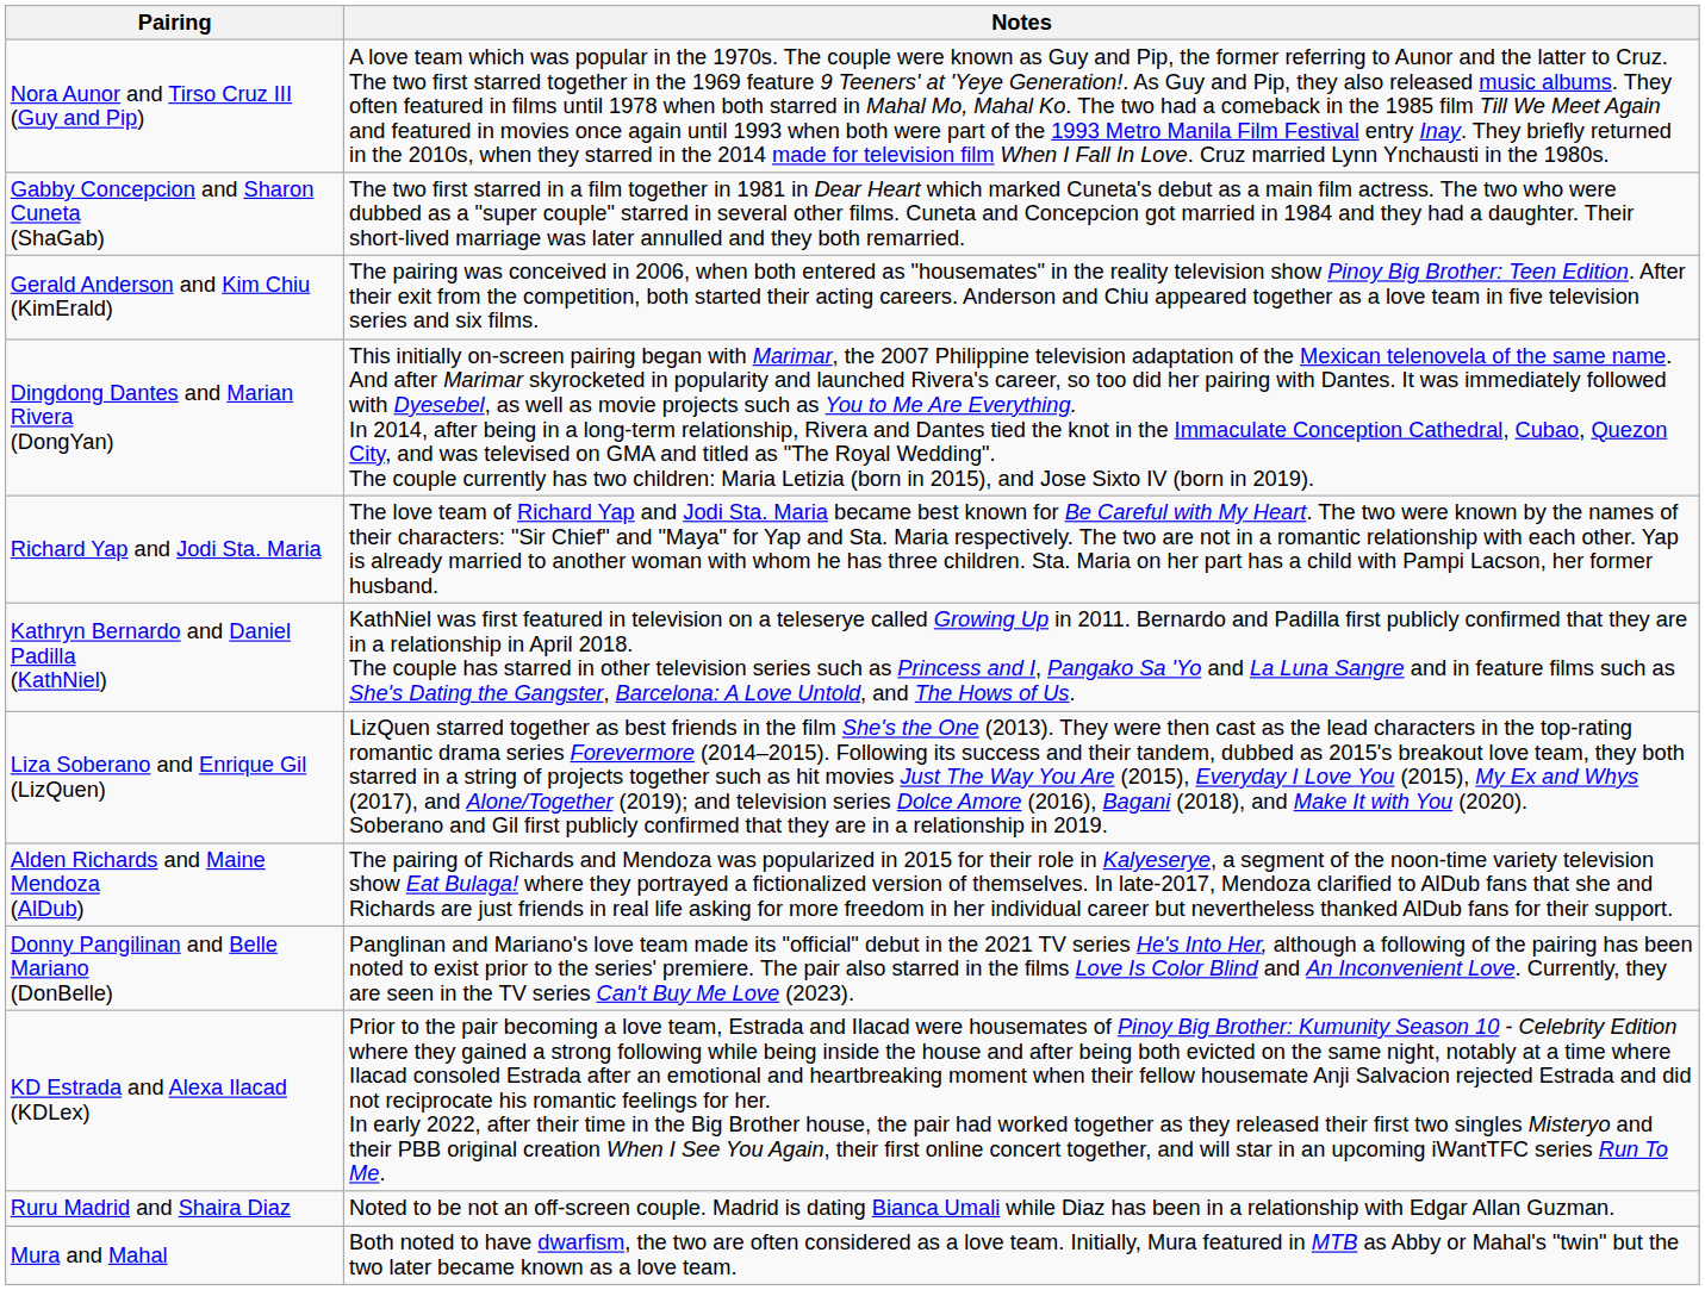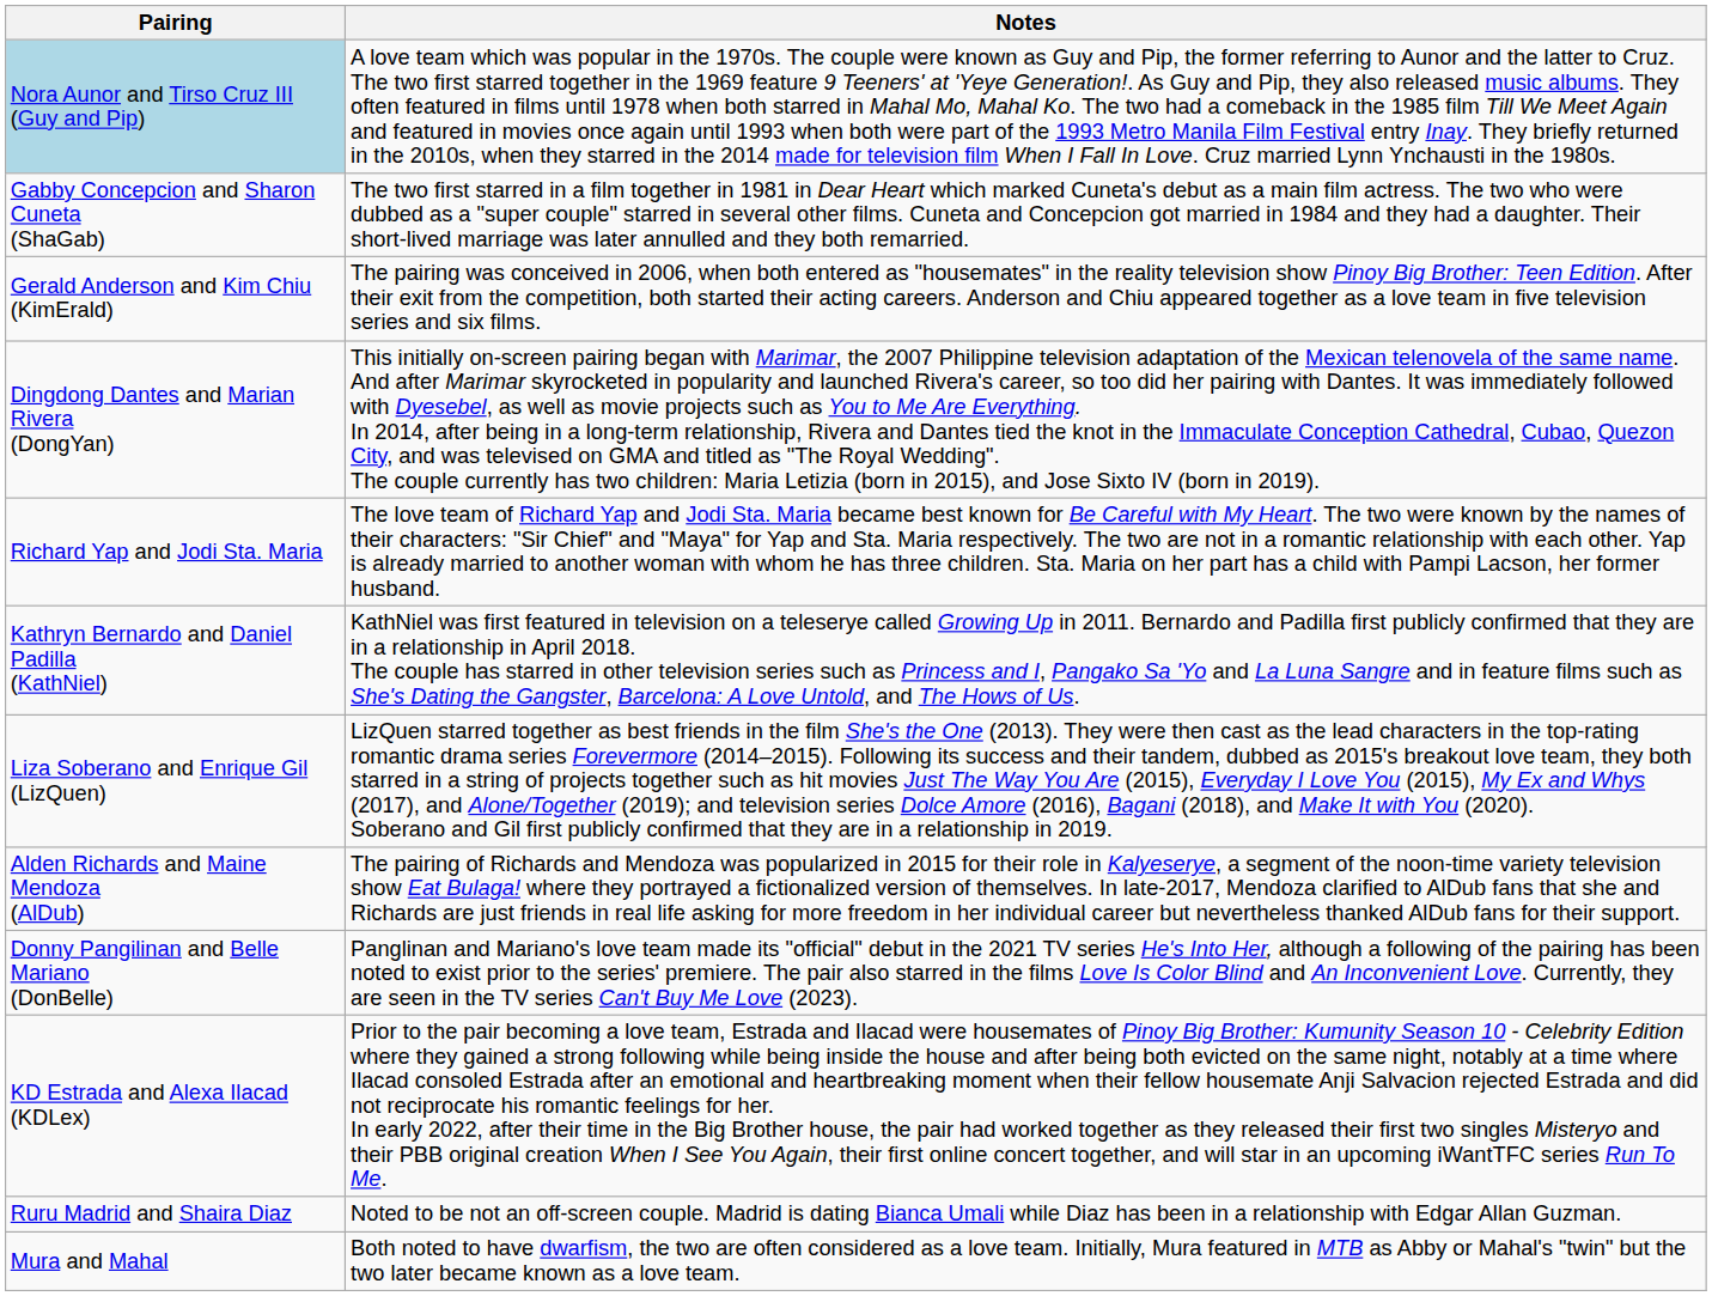 <table class="wikitable" font-size:95%;">
 <tr>
 <th width=20%>Pairing</th>
 <th width=80%>Notes</th>
 </tr>
 <tr>
-<td><a href='#'>Nora Aunor</a> and <a href='#'>Tirso Cruz III</a> (<a href='#'>Guy and Pip</a>)</td>
+<td style="background: lightblue;"><a href='#'>Nora Aunor</a> and <a href='#'>Tirso Cruz III</a> (<a href='#'>Guy and Pip</a>)</td>
 <td> A love team which was popular in the 1970s. The couple were known as Guy and Pip, the former referring to Aunor and the latter to Cruz. The two first starred together in the 1969 feature <em>9 Teeners' at 'Yeye Generation!</em>. As Guy and Pip, they also released <a href='#'>music albums</a>. They often featured in films until 1978 when both starred in <em>Mahal Mo, Mahal Ko</em>. The two had a comeback in the 1985 film <em>Till We Meet Again</em> and featured in movies once again until 1993 when both were part of the <a href='#'>1993 Metro Manila Film Festival</a> entry <em><a href='#'>Inay</a></em>. They briefly returned in the 2010s, when they starred in the 2014 <a href='#'>made for television film</a> <em>When I Fall In Love</em>. Cruz married Lynn Ynchausti in the 1980s.</td>
 </tr>
 <tr>
 <td><a href='#'>Gabby Concepcion</a> and <a href='#'>Sharon Cuneta</a><br>(ShaGab)</td>
 <td>The two first starred in a film together in 1981 in <em>Dear Heart</em> which marked Cuneta's debut as a main film actress. The two who were dubbed as a "super couple" starred in several other films. Cuneta and Concepcion got married in 1984 and they had a daughter. Their short-lived marriage was later annulled and they both remarried.</td>
 </tr>
 <tr>
 <td><a href='#'>Gerald Anderson</a> and <a href='#'>Kim Chiu</a><br>(KimErald)</td>
 <td>The pairing was conceived in 2006, when both entered as "housemates" in the reality television show <em><a href='#'>Pinoy Big Brother: Teen Edition</a></em>. After their exit from the competition, both started their acting careers. Anderson and Chiu appeared together as a love team in five television series and six films.</td>
 </tr>
 <tr>
 <td><a href='#'>Dingdong Dantes</a> and <a href='#'>Marian Rivera</a><br>(DongYan)</td>
 <td>This initially on-screen pairing began with <em><a href='#'>Marimar</a></em>, the 2007 Philippine television adaptation of the <a href='#'>Mexican telenovela of the same name</a>. And after <em>Marimar</em> skyrocketed in popularity and launched Rivera's career, so too did her pairing with Dantes. It was immediately followed with <em><a href='#'>Dyesebel</a></em>, as well as movie projects such as <em><a href='#'>You to Me Are Everything</a>.</em><br>In 2014, after being in a long-term relationship, Rivera and Dantes tied the knot in the <a href='#'>Immaculate Conception Cathedral</a>, <a href='#'>Cubao</a>, <a href='#'>Quezon City</a>, and was televised on GMA and titled as "The Royal Wedding".<br>The couple currently has two children: Maria Letizia (born in 2015), and Jose Sixto IV (born in 2019).</td>
 </tr>
 <tr>
 <td><a href='#'>Richard Yap</a> and <a href='#'>Jodi Sta. Maria</a></td>
 <td>The love team of <a href='#'>Richard Yap</a> and <a href='#'>Jodi Sta. Maria</a> became best known for <em><a href='#'>Be Careful with My Heart</a></em>. The two were known by the names of their characters: "Sir Chief" and "Maya" for Yap and Sta. Maria respectively. The two are not in a romantic relationship with each other. Yap is already married to another woman with whom he has three children. Sta. Maria on her part has a child with Pampi Lacson, her former husband.</td>
 </tr>
 <tr>
 <td><a href='#'>Kathryn Bernardo</a> and <a href='#'>Daniel Padilla</a><br>(<a href='#'>KathNiel</a>)</td>
 <td> KathNiel was first featured in television on a teleserye called <em><a href='#'>Growing Up</a></em> in 2011. Bernardo and Padilla first publicly confirmed that they are in a relationship in April 2018.<br>The couple has starred in other television series such as <em><a href='#'>Princess and I</a></em>, <em><a href='#'>Pangako Sa 'Yo</a></em> and <em><a href='#'>La Luna Sangre</a></em> and in feature films such as <em><a href='#'>She's Dating the Gangster</a></em>, <em><a href='#'>Barcelona: A Love Untold</a></em>, and <em><a href='#'>The Hows of Us</a></em>.</td>
 </tr>
 <tr>
 <td><a href='#'>Liza Soberano</a> and <a href='#'>Enrique Gil</a><br>(LizQuen)</td>
 <td>LizQuen starred together as best friends in the film <em><a href='#'>She's the One</a></em> (2013). They were then cast as the lead characters in the top-rating romantic drama series <em><a href='#'>Forevermore</a></em> (2014–2015). Following its success and their tandem, dubbed as 2015's breakout love team, they both starred in a string of projects together such as hit movies <em><a href='#'>Just The Way You Are</a></em> (2015), <em><a href='#'>Everyday I Love You</a></em> (2015), <em><a href='#'>My Ex and Whys</a></em> (2017), and <em><a href='#'>Alone/Together</a></em> (2019); and television series <em><a href='#'>Dolce Amore</a></em> (2016), <em><a href='#'>Bagani</a></em> (2018), and <em><a href='#'>Make It with You</a></em> (2020).<br>Soberano and Gil first publicly confirmed that they are in a relationship in 2019.</td>
 </tr>
 <tr>
 <td><a href='#'>Alden Richards</a> and <a href='#'>Maine Mendoza</a><br>(<a href='#'>AlDub</a>)</td>
 <td> The pairing of Richards and Mendoza was popularized in 2015 for their role in <em><a href='#'>Kalyeserye</a></em>, a segment of the noon-time variety television show <em><a href='#'>Eat Bulaga!</a></em> where they portrayed a fictionalized version of themselves. In late-2017, Mendoza clarified to AlDub fans that she and Richards are just friends in real life asking for more freedom in her individual career but nevertheless thanked AlDub fans for their support.</td>
 </tr>
 <tr>
 <td><a href='#'>Donny Pangilinan</a> and <a href='#'>Belle Mariano</a> <br>(DonBelle)</td>
 <td>Panglinan and Mariano's love team made its "official" debut in the 2021 TV series <em><a href='#'>He's Into Her</a>,</em> although a following of the pairing has been noted to exist prior to the series' premiere. The pair also starred in the films <em><a href='#'>Love Is Color Blind</a></em> and <em><a href='#'>An Inconvenient Love</a></em>. Currently, they are seen in the TV series <em><a href='#'>Can't Buy Me Love</a></em> (2023).</td>
 </tr>
 <tr>
 <td><a href='#'>KD Estrada</a> and <a href='#'>Alexa Ilacad</a><br>(KDLex)</td>
 <td>Prior to the pair becoming a love team, Estrada and Ilacad were housemates of <em><a href='#'>Pinoy Big Brother: Kumunity Season 10</a> - Celebrity Edition</em> where they gained a strong following while being inside the house and after being both evicted on the same night, notably at a time where Ilacad consoled Estrada after an emotional and heartbreaking moment when their fellow housemate Anji Salvacion rejected Estrada and did not reciprocate his romantic feelings for her.<br>In early 2022, after their time in the Big Brother house, the pair had worked together as they released their first two singles <em>Misteryo</em> and their PBB original creation <em>When I See You Again</em>, their first online concert together, and will star in an upcoming iWantTFC series <em><a href='#'>Run To Me</a></em>.</td>
 </tr>
 <tr>
 <td><a href='#'>Ruru Madrid</a> and <a href='#'>Shaira Diaz</a></td>
 <td>Noted to be not an off-screen couple. Madrid is dating <a href='#'>Bianca Umali</a> while Diaz has been in a relationship with Edgar Allan Guzman.</td>
 </tr>
 <tr>
 <td><a href='#'>Mura</a> and <a href='#'>Mahal</a></td>
 <td>Both noted to have <a href='#'>dwarfism</a>, the two are often considered as a love team. Initially, Mura featured in <em><a href='#'>MTB</a></em> as Abby or Mahal's "twin" but the two later became known as a love team.</td>
 </tr>
 </table>
